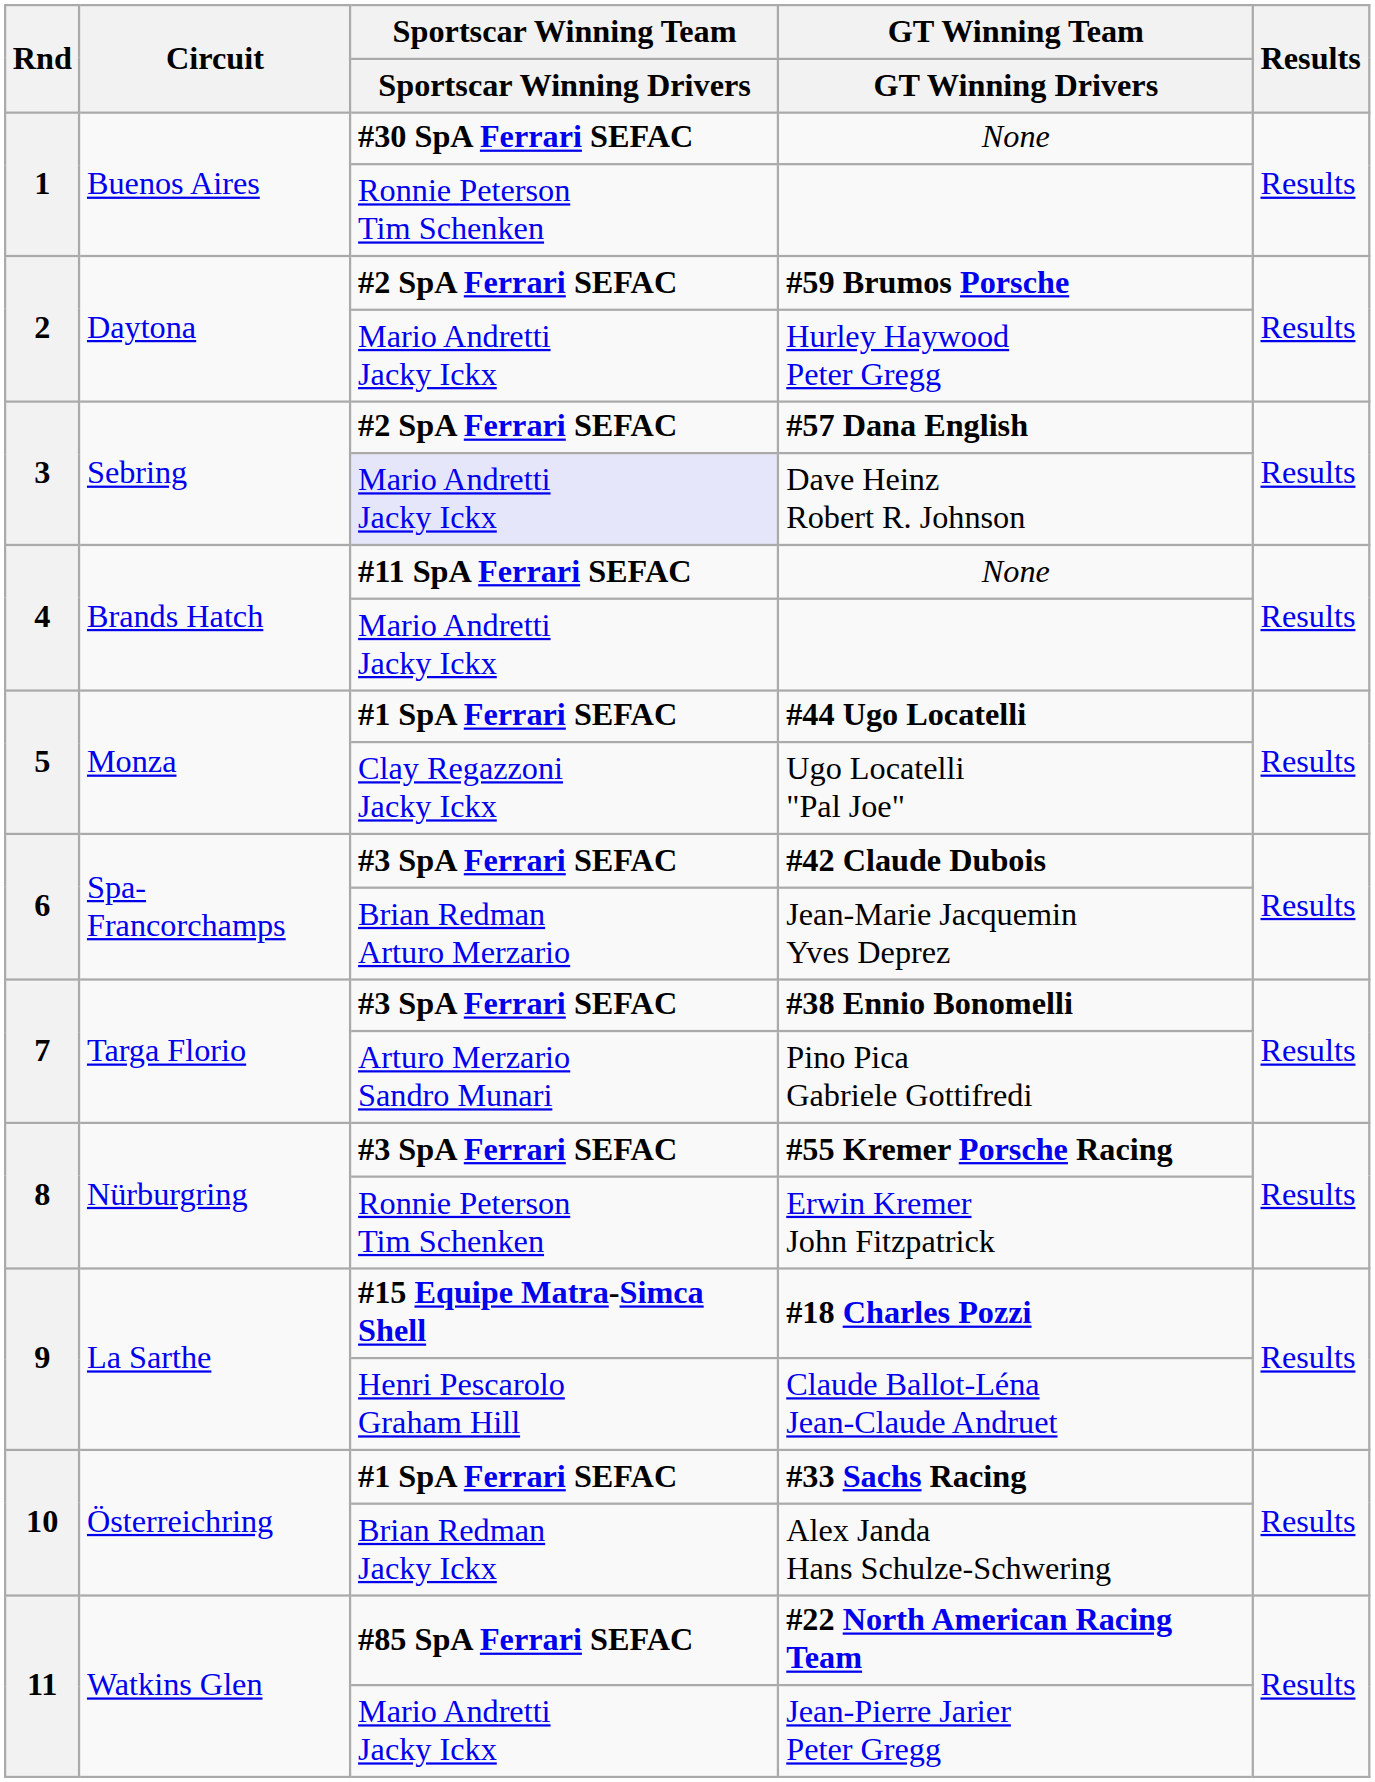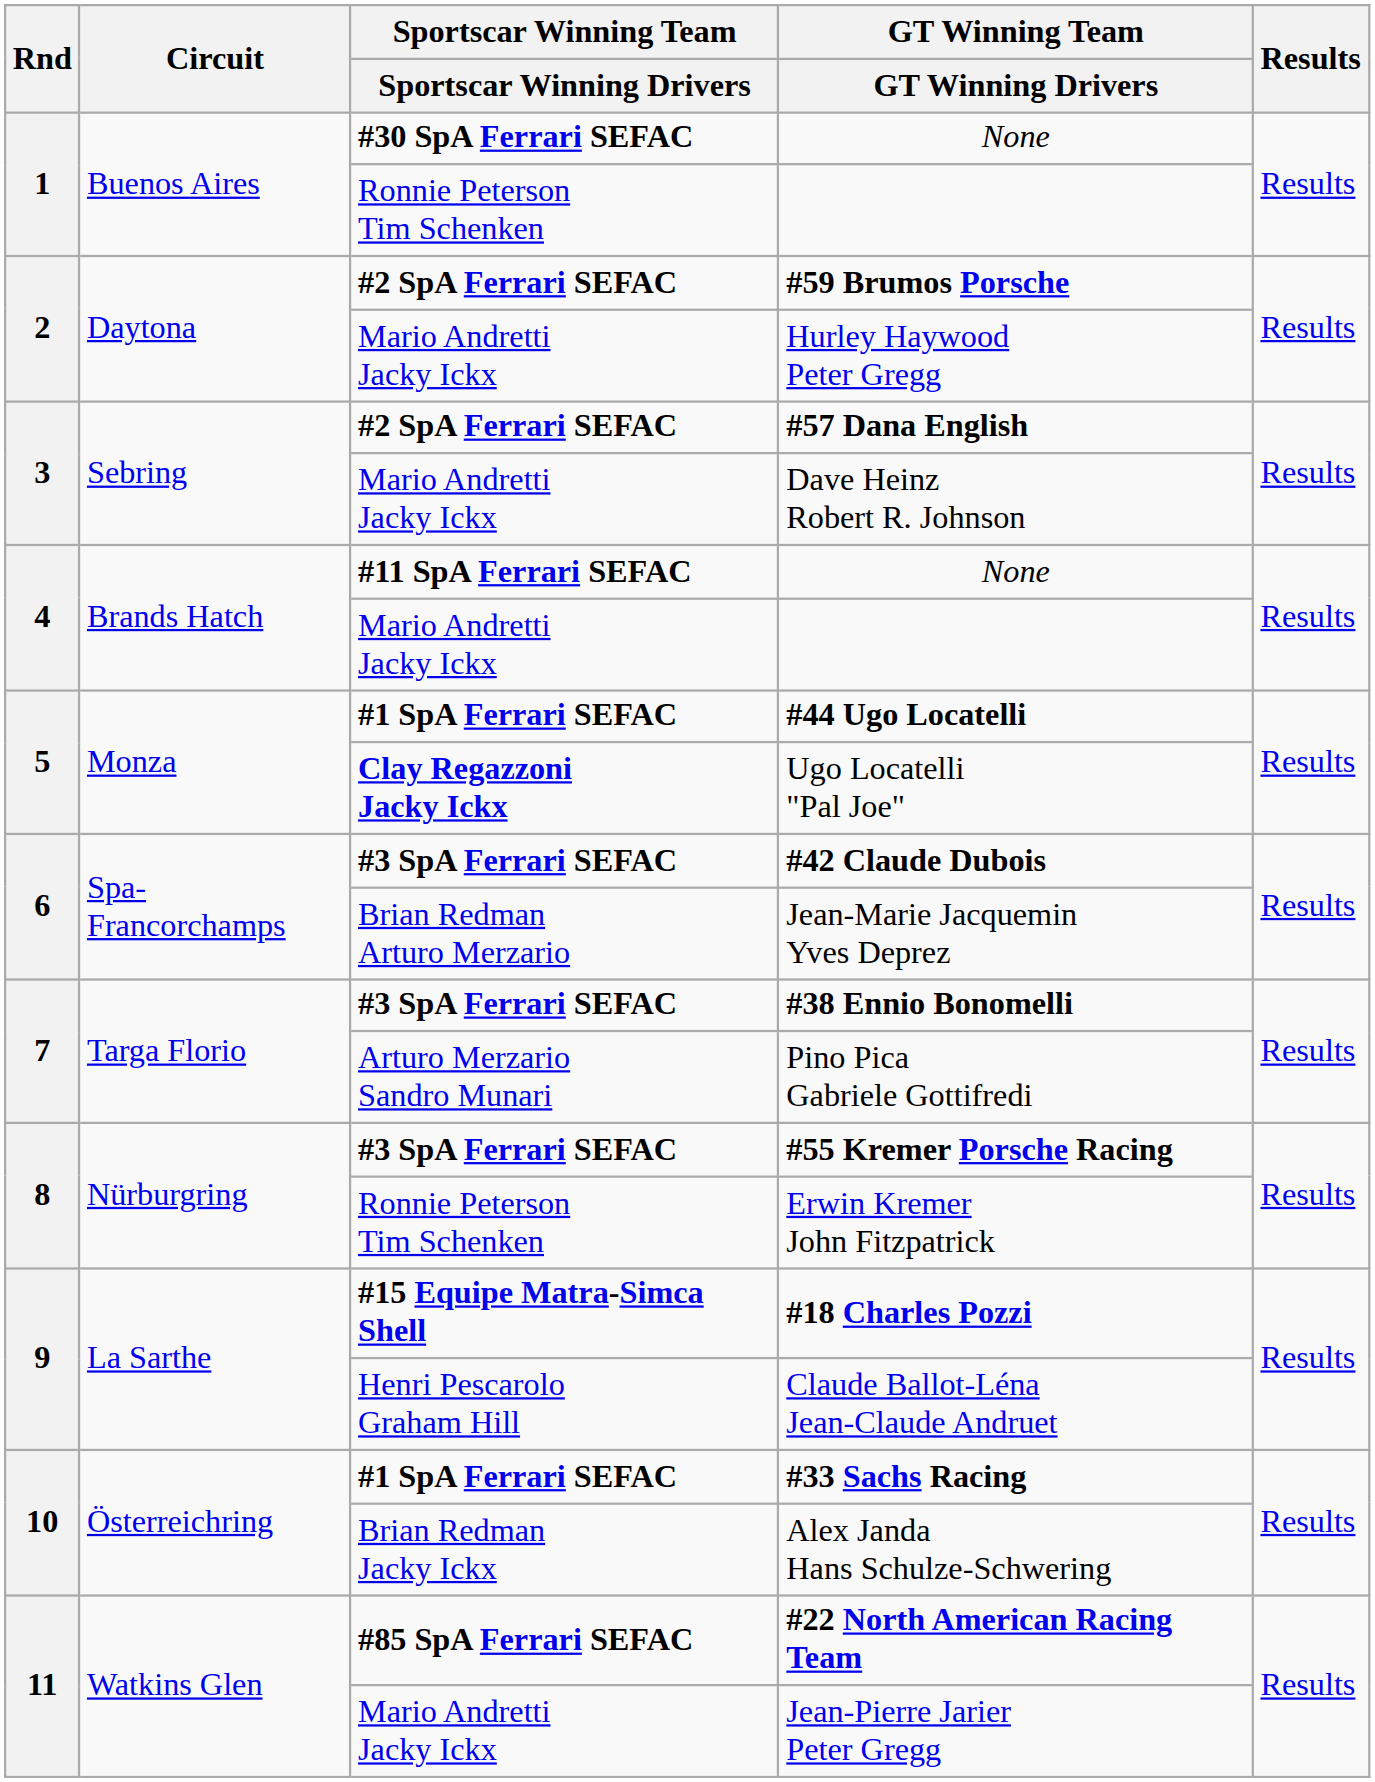 <table class="wikitable" style="font-size: 90%;">
 <tr>
 <th rowspan=2>Rnd</th>
 <th rowspan=2>Circuit</th>
 <th>Sportscar Winning Team</th>
 <th>GT Winning Team</th>
 <th rowspan=2>Results</th>
 </tr>
 <tr>
 <th>Sportscar Winning Drivers</th>
 <th>GT Winning Drivers</th>
 </tr>
 <tr>
 <th rowspan=2>1</th>
 <td rowspan=2><a href='#'>Buenos Aires</a></td>
 <td><strong> #30 SpA <a href='#'>Ferrari</a> SEFAC</strong></td>
 <td align=center><em>None</em></td>
 <td rowspan=2><a href='#'>Results</a></td>
 </tr>
 <tr>
 <td> <a href='#'>Ronnie Peterson</a><br> <a href='#'>Tim Schenken</a></td>
 <td></td>
 </tr>
 <tr>
 <th rowspan=2>2</th>
 <td rowspan=2><a href='#'>Daytona</a></td>
 <td><strong> #2 SpA <a href='#'>Ferrari</a> SEFAC</strong></td>
 <td><strong> #59 Brumos <a href='#'>Porsche</a></strong></td>
 <td rowspan=2><a href='#'>Results</a></td>
 </tr>
 <tr>
 <td> <a href='#'>Mario Andretti</a><br> <a href='#'>Jacky Ickx</a></td>
 <td> <a href='#'>Hurley Haywood</a><br> <a href='#'>Peter Gregg</a></td>
 </tr>
 <tr>
 <th rowspan=2>3</th>
 <td rowspan=2><a href='#'>Sebring</a></td>
 <td><strong> #2 SpA <a href='#'>Ferrari</a> SEFAC</strong></td>
 <td><strong> #57 Dana English</strong></td>
 <td rowspan=2><a href='#'>Results</a></td>
 </tr>
 <tr>
-<td style="background: lavender;"> <a href='#'>Mario Andretti</a><br> <a href='#'>Jacky Ickx</a></td>
+<td> <a href='#'>Mario Andretti</a><br> <a href='#'>Jacky Ickx</a></td>
 <td> Dave Heinz<br> Robert R. Johnson</td>
 </tr>
 <tr>
 <th rowspan=2>4</th>
 <td rowspan=2><a href='#'>Brands Hatch</a></td>
 <td><strong> #11 SpA <a href='#'>Ferrari</a> SEFAC</strong></td>
 <td align=center><em>None</em></td>
 <td rowspan=2><a href='#'>Results</a></td>
 </tr>
 <tr>
 <td> <a href='#'>Mario Andretti</a><br> <a href='#'>Jacky Ickx</a></td>
 <td></td>
 </tr>
 <tr>
 <th rowspan=2>5</th>
 <td rowspan=2><a href='#'>Monza</a></td>
 <td><strong> #1 SpA <a href='#'>Ferrari</a> SEFAC</strong></td>
 <td><strong> #44 Ugo Locatelli</strong></td>
 <td rowspan=2><a href='#'>Results</a></td>
 </tr>
 <tr>
-<td> <a href='#'>Clay Regazzoni</a><br> <a href='#'>Jacky Ickx</a></td>
+<td><strong> <a href='#'>Clay Regazzoni</a><br> <a href='#'>Jacky Ickx</a></strong></td>
 <td> Ugo Locatelli<br> "Pal Joe"</td>
 </tr>
 <tr>
 <th rowspan=2>6</th>
 <td rowspan=2><a href='#'>Spa-Francorchamps</a></td>
 <td><strong> #3 SpA <a href='#'>Ferrari</a> SEFAC</strong></td>
 <td><strong> #42 Claude Dubois</strong></td>
 <td rowspan=2><a href='#'>Results</a></td>
 </tr>
 <tr>
 <td> <a href='#'>Brian Redman</a><br> <a href='#'>Arturo Merzario</a></td>
 <td> Jean-Marie Jacquemin<br> Yves Deprez</td>
 </tr>
 <tr>
 <th rowspan=2>7</th>
 <td rowspan=2><a href='#'>Targa Florio</a></td>
 <td><strong> #3 SpA <a href='#'>Ferrari</a> SEFAC</strong></td>
 <td><strong> #38 Ennio Bonomelli</strong></td>
 <td rowspan=2><a href='#'>Results</a></td>
 </tr>
 <tr>
 <td> <a href='#'>Arturo Merzario</a><br> <a href='#'>Sandro Munari</a></td>
 <td> Pino Pica<br> Gabriele Gottifredi</td>
 </tr>
 <tr>
 <th rowspan=2>8</th>
 <td rowspan=2><a href='#'>Nürburgring</a></td>
 <td><strong> #3 SpA <a href='#'>Ferrari</a> SEFAC</strong></td>
 <td><strong> #55 Kremer <a href='#'>Porsche</a> Racing</strong></td>
 <td rowspan=2><a href='#'>Results</a></td>
 </tr>
 <tr>
 <td> <a href='#'>Ronnie Peterson</a><br> <a href='#'>Tim Schenken</a></td>
 <td> <a href='#'>Erwin Kremer</a><br> John Fitzpatrick</td>
 </tr>
 <tr>
 <th rowspan=2>9</th>
 <td rowspan=2><a href='#'>La Sarthe</a></td>
 <td><strong> #15 <a href='#'>Equipe Matra</a>-<a href='#'>Simca</a> <a href='#'>Shell</a></strong></td>
 <td><strong> #18 <a href='#'>Charles Pozzi</a></strong></td>
 <td rowspan=2><a href='#'>Results</a></td>
 </tr>
 <tr>
 <td> <a href='#'>Henri Pescarolo</a><br> <a href='#'>Graham Hill</a></td>
 <td> <a href='#'>Claude Ballot-Léna</a><br> <a href='#'>Jean-Claude Andruet</a></td>
 </tr>
 <tr>
 <th rowspan=2>10</th>
 <td rowspan=2><a href='#'>Österreichring</a></td>
 <td><strong> #1 SpA <a href='#'>Ferrari</a> SEFAC</strong></td>
 <td><strong> #33 <a href='#'>Sachs</a> Racing</strong></td>
 <td rowspan=2><a href='#'>Results</a></td>
 </tr>
 <tr>
 <td> <a href='#'>Brian Redman</a><br> <a href='#'>Jacky Ickx</a></td>
 <td> Alex Janda<br> Hans Schulze-Schwering</td>
 </tr>
 <tr>
 <th rowspan=2>11</th>
 <td rowspan=2><a href='#'>Watkins Glen</a></td>
 <td><strong> #85 SpA <a href='#'>Ferrari</a> SEFAC</strong></td>
 <td><strong> #22 <a href='#'>North American Racing Team</a></strong></td>
 <td rowspan=2><a href='#'>Results</a></td>
 </tr>
 <tr>
 <td> <a href='#'>Mario Andretti</a><br> <a href='#'>Jacky Ickx</a></td>
 <td> <a href='#'>Jean-Pierre Jarier</a><br> <a href='#'>Peter Gregg</a></td>
 </tr>
 </table>
